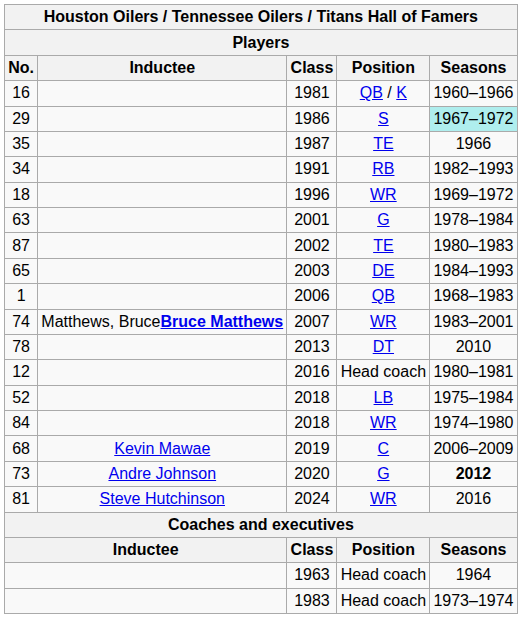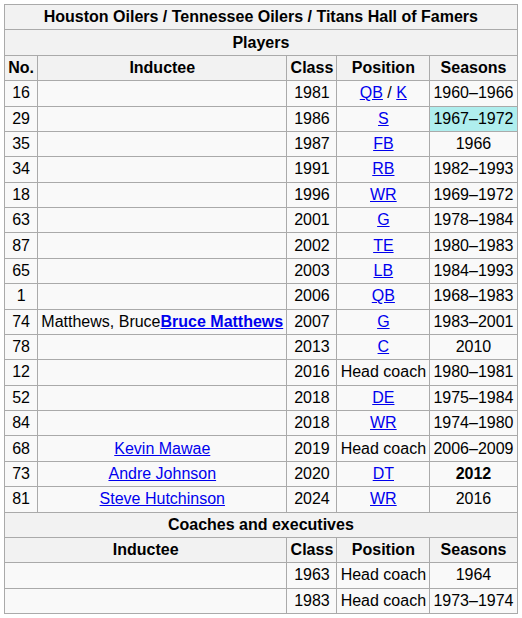 <table class="wikitable"  style="text-align:center">
 <tr>
 <th colspan="5">Houston Oilers / Tennessee Oilers / Titans Hall of Famers</th>
 </tr>
 <tr>
 <th colspan="5">Players</th>
 </tr>
 <tr>
 <th scope="col">No.</th>
 <th scope="col">Inductee</th>
 <th scope="col">Class</th>
 <th scope="col">Position</th>
 <th scope="col">Seasons</th>
 </tr>
 <tr>
 <td>16</td>
 <td><strong></strong></td>
 <td>1981</td>
 <td><a href='#'>QB</a> / <a href='#'>K</a></td>
 <td>1960–1966</td>
 </tr>
 <tr>
 <td>29</td>
 <td></td>
 <td>1986</td>
 <td><a href='#'>S</a></td>
 <td style="background: paleturquoise;">1967–1972</td>
 </tr>
 <tr>
 <td>35</td>
 <td></td>
 <td>1987</td>
-<td><a href='#'>TE</a></td>
+<td><a href='#'>FB</a></td>
 <td>1966</td>
 </tr>
 <tr>
 <td>34</td>
 <td><strong></strong></td>
 <td>1991</td>
 <td><a href='#'>RB</a></td>
 <td>1982–1993</td>
 </tr>
 <tr>
 <td>18</td>
 <td></td>
 <td>1996</td>
 <td><a href='#'>WR</a></td>
 <td>1969–1972</td>
 </tr>
 <tr>
 <td>63</td>
 <td><strong></strong></td>
 <td>2001</td>
 <td><a href='#'>G</a></td>
 <td>1978–1984</td>
 </tr>
 <tr>
 <td>87</td>
 <td></td>
 <td>2002</td>
 <td><a href='#'>TE</a></td>
 <td>1980–1983</td>
 </tr>
 <tr>
 <td>65</td>
 <td><strong></strong></td>
 <td>2003</td>
-<td><a href='#'>DE</a></td>
+<td><a href='#'>LB</a></td>
 <td>1984–1993</td>
 </tr>
 <tr>
 <td>1</td>
 <td><strong></strong></td>
 <td>2006</td>
 <td><a href='#'>QB</a></td>
 <td>1968–1983</td>
 </tr>
 <tr>
 <td>74</td>
 <td><span>Matthews, Bruce</span><strong><a href='#'>Bruce Matthews</a></strong></td>
 <td>2007</td>
-<td><a href='#'>WR</a></td>
+<td><a href='#'>G</a></td>
 <td>1983–2001</td>
 </tr>
 <tr>
 <td>78</td>
 <td><strong></strong></td>
 <td>2013</td>
-<td><a href='#'>DT</a></td>
+<td><a href='#'>C</a></td>
 <td>2010</td>
 </tr>
 <tr>
 <td>12</td>
 <td></td>
 <td>2016</td>
 <td>Head coach</td>
 <td>1980–1981</td>
 </tr>
 <tr>
 <td>52</td>
 <td><strong></strong></td>
 <td>2018</td>
-<td><a href='#'>LB</a></td>
+<td><a href='#'>DE</a></td>
 <td>1975–1984</td>
 </tr>
 <tr>
 <td>84</td>
 <td></td>
 <td>2018</td>
 <td><a href='#'>WR</a></td>
 <td>1974–1980</td>
 </tr>
 <tr>
 <td>68</td>
 <td><a href='#'>Kevin Mawae</a></td>
 <td>2019</td>
-<td><a href='#'>C</a></td>
+<td>Head coach</td>
 <td>2006–2009</td>
 </tr>
 <tr>
 <td>73</td>
 <td><a href='#'>Andre Johnson</a></td>
 <td>2020</td>
-<td><a href='#'>G</a></td>
+<td><a href='#'>DT</a></td>
 <td><strong>2012</strong></td>
 </tr>
 <tr>
 <td>81</td>
 <td><a href='#'>Steve Hutchinson</a></td>
 <td>2024</td>
 <td><a href='#'>WR</a></td>
 <td>2016</td>
 </tr>
 <tr>
 <th colspan="5">Coaches and executives</th>
 </tr>
 <tr>
 <th scope="col" colspan=2>Inductee</th>
 <th scope="col">Class</th>
 <th scope="col">Position</th>
 <th scope="col">Seasons</th>
 </tr>
 <tr>
 <td colspan=2></td>
 <td>1963</td>
 <td>Head coach</td>
 <td>1964</td>
 </tr>
 <tr>
 <td colspan=2></td>
 <td>1983</td>
 <td>Head coach</td>
 <td>1973–1974</td>
 </tr>
 </table>
